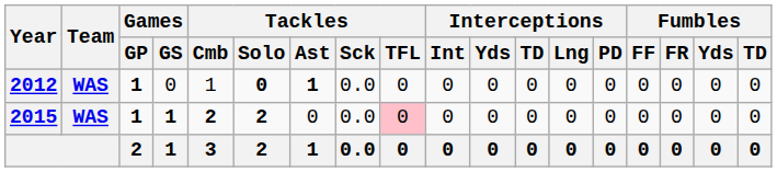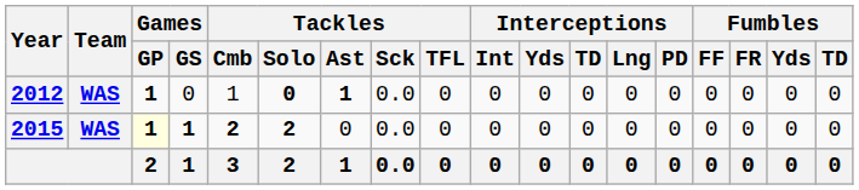 <table class="wikitable" style="text-align:center">
 <tr>
 <th rowspan="2">Year</th>
 <th rowspan="2">Team</th>
 <th colspan="2">Games</th>
 <th colspan="5">Tackles</th>
 <th colspan="5">Interceptions</th>
 <th colspan="4">Fumbles</th>
 </tr>
 <tr>
 <th>GP</th>
 <th>GS</th>
 <th>Cmb</th>
 <th>Solo</th>
 <th>Ast</th>
 <th>Sck</th>
 <th>TFL</th>
 <th>Int</th>
 <th>Yds</th>
 <th>TD</th>
 <th>Lng</th>
 <th>PD</th>
 <th>FF</th>
 <th>FR</th>
 <th>Yds</th>
 <th>TD</th>
 </tr>
 <tr>
 <th><a href='#'>2012</a></th>
 <th><a href='#'>WAS</a></th>
 <td><strong>1</strong></td>
 <td>0</td>
 <td>1</td>
 <td><strong>0</strong></td>
 <td><strong>1</strong></td>
 <td>0.0</td>
 <td>0</td>
 <td>0</td>
 <td>0</td>
 <td>0</td>
 <td>0</td>
 <td>0</td>
 <td>0</td>
 <td>0</td>
 <td>0</td>
 <td>0</td>
 </tr>
 <tr>
 <th><a href='#'>2015</a></th>
 <th><a href='#'>WAS</a></th>
-<td><strong>1</strong></td>
+<td style="background: lightyellow;"><strong>1</strong></td>
 <td><strong>1</strong></td>
 <td><strong>2</strong></td>
 <td><strong>2</strong></td>
 <td>0</td>
 <td>0.0</td>
-<td style="background: pink;">0</td>
+<td>0</td>
 <td>0</td>
 <td>0</td>
 <td>0</td>
 <td>0</td>
 <td>0</td>
 <td>0</td>
 <td>0</td>
 <td>0</td>
 <td>0</td>
 </tr>
 <tr>
 <th colspan="2"></th>
 <th>2</th>
 <th>1</th>
 <th>3</th>
 <th>2</th>
 <th>1</th>
 <th>0.0</th>
 <th>0</th>
 <th>0</th>
 <th>0</th>
 <th>0</th>
 <th>0</th>
 <th>0</th>
 <th>0</th>
 <th>0</th>
 <th>0</th>
 <th>0</th>
 </tr>
 </table>
